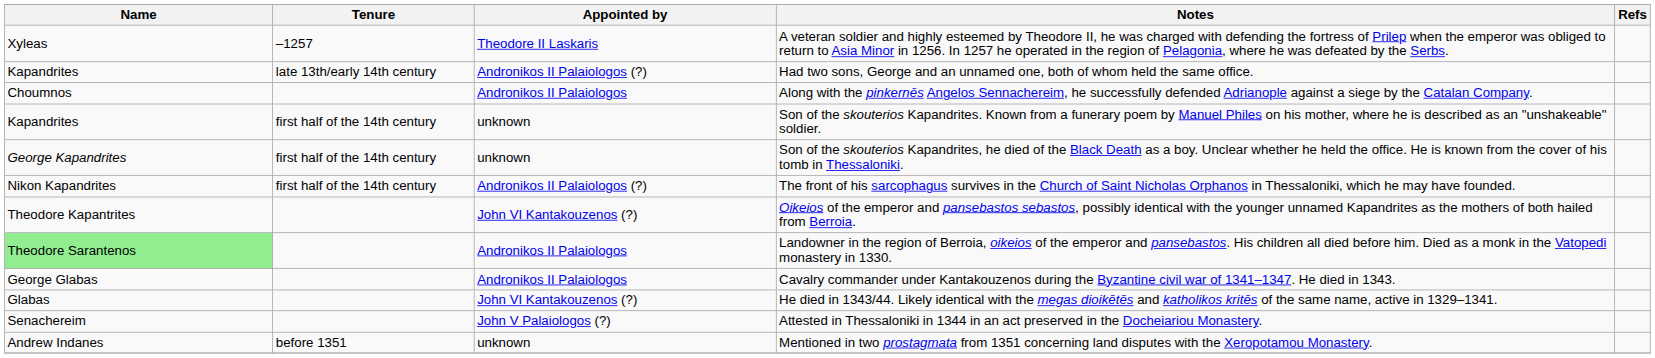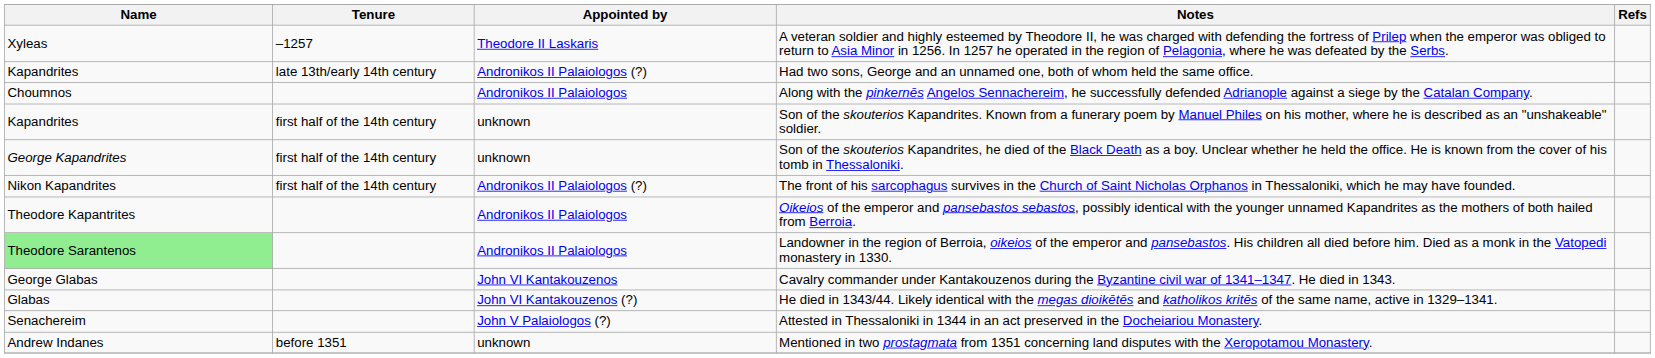 <table class="wikitable"  width="100%">
 <tr bgcolor="#FFDEAD">
 </tr>
 <tr>
 <th width="16%">Name</th>
 <th width="12%">Tenure</th>
 <th width="18%">Appointed by</th>
 <th width="50%">Notes</th>
 <th width="2%">Refs</th>
 </tr>
 <tr>
 <td>Xyleas</td>
 <td>–1257</td>
 <td><a href='#'>Theodore II Laskaris</a></td>
 <td>A veteran soldier and highly esteemed by Theodore II, he was charged with defending the fortress of <a href='#'>Prilep</a> when the emperor was obliged to return to <a href='#'>Asia Minor</a> in 1256. In 1257 he operated in the region of <a href='#'>Pelagonia</a>, where he was defeated by the <a href='#'>Serbs</a>.</td>
 <td></td>
 </tr>
 <tr>
 <td>Kapandrites</td>
 <td>late 13th/early 14th century</td>
 <td><a href='#'>Andronikos II Palaiologos</a> (?)</td>
 <td>Had two sons, George and an unnamed one, both of whom held the same office.</td>
 <td></td>
 </tr>
 <tr>
 <td>Choumnos</td>
 <td></td>
 <td><a href='#'>Andronikos II Palaiologos</a></td>
 <td>Along with the <em><a href='#'>pinkernēs</a></em> <a href='#'>Angelos Sennachereim</a>, he successfully defended <a href='#'>Adrianople</a> against a siege by the <a href='#'>Catalan Company</a>.</td>
 <td></td>
 </tr>
 <tr>
 <td>Kapandrites</td>
 <td>first half of the 14th century</td>
 <td>unknown</td>
 <td>Son of the <em>skouterios</em> Kapandrites. Known from a funerary poem by <a href='#'>Manuel Philes</a> on his mother, where he is described as an "unshakeable" soldier.</td>
 <td></td>
 </tr>
 <tr>
 <td><em>George Kapandrites</em></td>
 <td>first half of the 14th century</td>
 <td>unknown</td>
 <td>Son of the <em>skouterios</em> Kapandrites, he died of the <a href='#'>Black Death</a> as a boy. Unclear whether he held the office. He is known from the cover of his tomb in <a href='#'>Thessaloniki</a>.</td>
 <td></td>
 </tr>
 <tr>
 <td>Nikon Kapandrites</td>
 <td>first half of the 14th century</td>
 <td><a href='#'>Andronikos II Palaiologos</a> (?)</td>
 <td>The front of his <a href='#'>sarcophagus</a> survives in the <a href='#'>Church of Saint Nicholas Orphanos</a> in Thessaloniki, which he may have founded.</td>
 <td></td>
 </tr>
 <tr>
 <td>Theodore Kapantrites</td>
 <td></td>
-<td><a href='#'>John VI Kantakouzenos</a> (?)</td>
+<td><a href='#'>Andronikos II Palaiologos</a></td>
 <td><em><a href='#'>Oikeios</a></em> of the emperor and <em><a href='#'>pansebastos sebastos</a></em>, possibly identical with the younger unnamed Kapandrites as the mothers of both hailed from <a href='#'>Berroia</a>.</td>
 <td></td>
 </tr>
 <tr>
 <td style="background: lightgreen;">Theodore Sarantenos</td>
 <td></td>
 <td><a href='#'>Andronikos II Palaiologos</a></td>
 <td>Landowner in the region of Berroia, <em><a href='#'>oikeios</a></em> of the emperor and <em><a href='#'>pansebastos</a></em>. His children all died before him. Died as a monk in the <a href='#'>Vatopedi</a> monastery in 1330.</td>
 <td></td>
 </tr>
 <tr>
 <td>George Glabas</td>
 <td></td>
-<td><a href='#'>Andronikos II Palaiologos</a></td>
+<td><a href='#'>John VI Kantakouzenos</a></td>
 <td>Cavalry commander under Kantakouzenos during the <a href='#'>Byzantine civil war of 1341–1347</a>. He died in 1343.</td>
 <td></td>
 </tr>
 <tr>
 <td>Glabas</td>
 <td></td>
 <td><a href='#'>John VI Kantakouzenos</a> (?)</td>
 <td>He died in 1343/44. Likely identical with the <em><a href='#'>megas dioikētēs</a></em> and <em><a href='#'>katholikos kritēs</a></em> of the same name, active in 1329–1341.</td>
 <td></td>
 </tr>
 <tr>
 <td>Senachereim</td>
 <td></td>
 <td><a href='#'>John V Palaiologos</a> (?)</td>
 <td>Attested in Thessaloniki in 1344 in an act preserved in the <a href='#'>Docheiariou Monastery</a>.</td>
 <td></td>
 </tr>
 <tr>
 <td>Andrew Indanes</td>
 <td>before 1351</td>
 <td>unknown</td>
 <td>Mentioned in two <em><a href='#'>prostagmata</a></em> from 1351 concerning land disputes with the <a href='#'>Xeropotamou Monastery</a>.</td>
 <td></td>
 </tr>
 <tr>
 </tr>
 </table>
